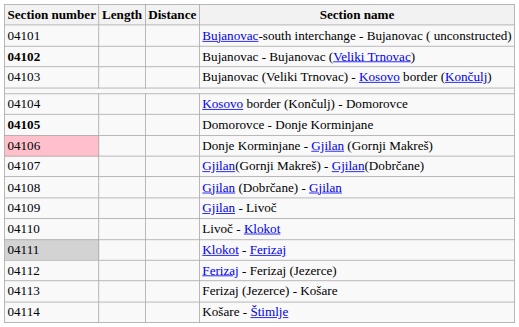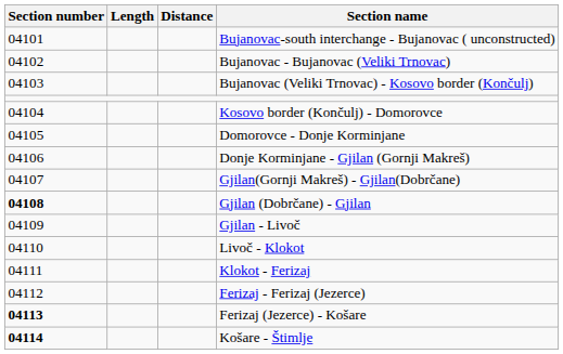 <table class="wikitable">
 <tr>
 <th>Section number</th>
 <th>Length</th>
 <th>Distance</th>
 <th>Section name</th>
 </tr>
 <tr>
 <td>04101</td>
 <td></td>
 <td></td>
 <td><a href='#'>Bujanovac</a>-south interchange - Bujanovac ( unconstructed)</td>
 </tr>
 <tr>
-<td><strong>04102</strong></td>
+<td>04102</td>
 <td></td>
 <td></td>
 <td>Bujanovac - Bujanovac (<a href='#'>Veliki Trnovac</a>)</td>
 </tr>
 <tr>
 <td>04103</td>
 <td></td>
 <td></td>
 <td>Bujanovac (Veliki Trnovac) - <a href='#'>Kosovo</a> border (<a href='#'>Končulj</a>)</td>
 </tr>
 <tr>
 <td colspan="4"></td>
 </tr>
 <tr>
 <td>04104</td>
 <td></td>
 <td></td>
 <td><a href='#'>Kosovo</a> border (Končulj) - Domorovce</td>
 </tr>
 <tr>
-<td><strong>04105</strong></td>
+<td>04105</td>
 <td></td>
 <td></td>
 <td>Domorovce - Donje Korminjane</td>
 </tr>
 <tr>
-<td style="background: pink;">04106</td>
+<td>04106</td>
 <td></td>
 <td></td>
 <td>Donje Korminjane - <a href='#'>Gjilan</a> (Gornji Makreš)</td>
 </tr>
 <tr>
 <td>04107</td>
 <td></td>
 <td></td>
 <td><a href='#'>Gjilan</a>(Gornji Makreš) - <a href='#'>Gjilan</a>(Dobrčane)</td>
 </tr>
 <tr>
-<td>04108</td>
+<td><strong>04108</strong></td>
 <td></td>
 <td></td>
 <td><a href='#'>Gjilan</a> (Dobrčane) - <a href='#'>Gjilan</a></td>
 </tr>
 <tr>
 <td>04109</td>
 <td></td>
 <td></td>
 <td><a href='#'>Gjilan</a> - Livoč</td>
 </tr>
 <tr>
 <td>04110</td>
 <td></td>
 <td></td>
 <td>Livoč - <a href='#'>Klokot</a></td>
 </tr>
 <tr>
-<td style="background: lightgrey;">04111</td>
+<td>04111</td>
 <td></td>
 <td></td>
 <td><a href='#'>Klokot</a> - <a href='#'>Ferizaj</a></td>
 </tr>
 <tr>
 <td>04112</td>
 <td></td>
 <td></td>
 <td><a href='#'>Ferizaj</a> - Ferizaj (Jezerce)</td>
 </tr>
 <tr>
-<td>04113</td>
+<td><strong>04113</strong></td>
 <td></td>
 <td></td>
 <td>Ferizaj (Jezerce) - Košare</td>
 </tr>
 <tr>
-<td>04114</td>
+<td><strong>04114</strong></td>
 <td></td>
 <td></td>
 <td>Košare - <a href='#'>Štimlje</a></td>
 </tr>
 </table>
